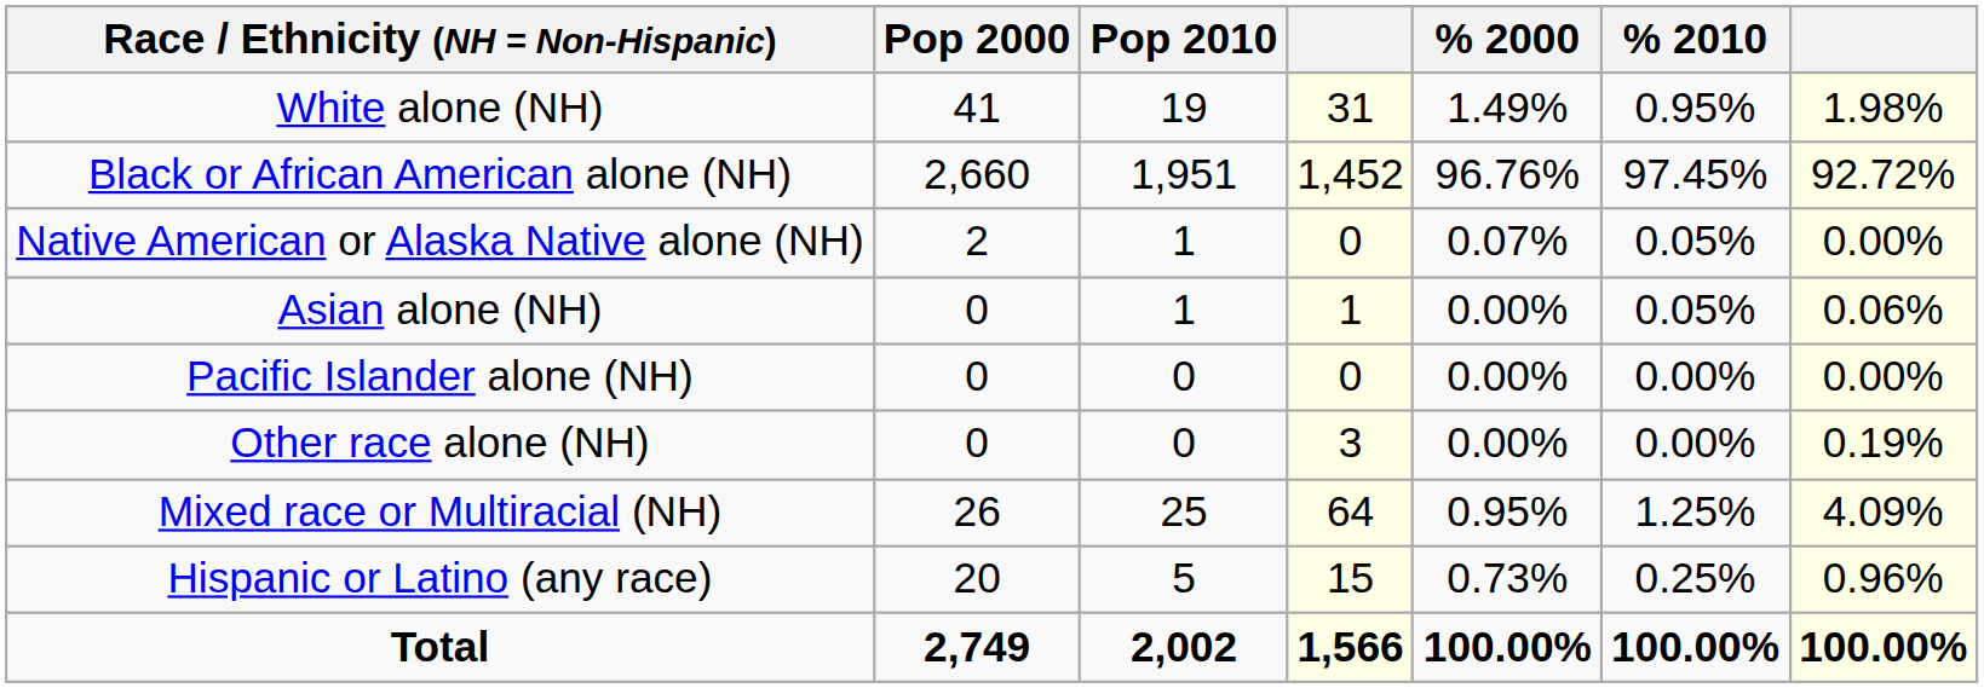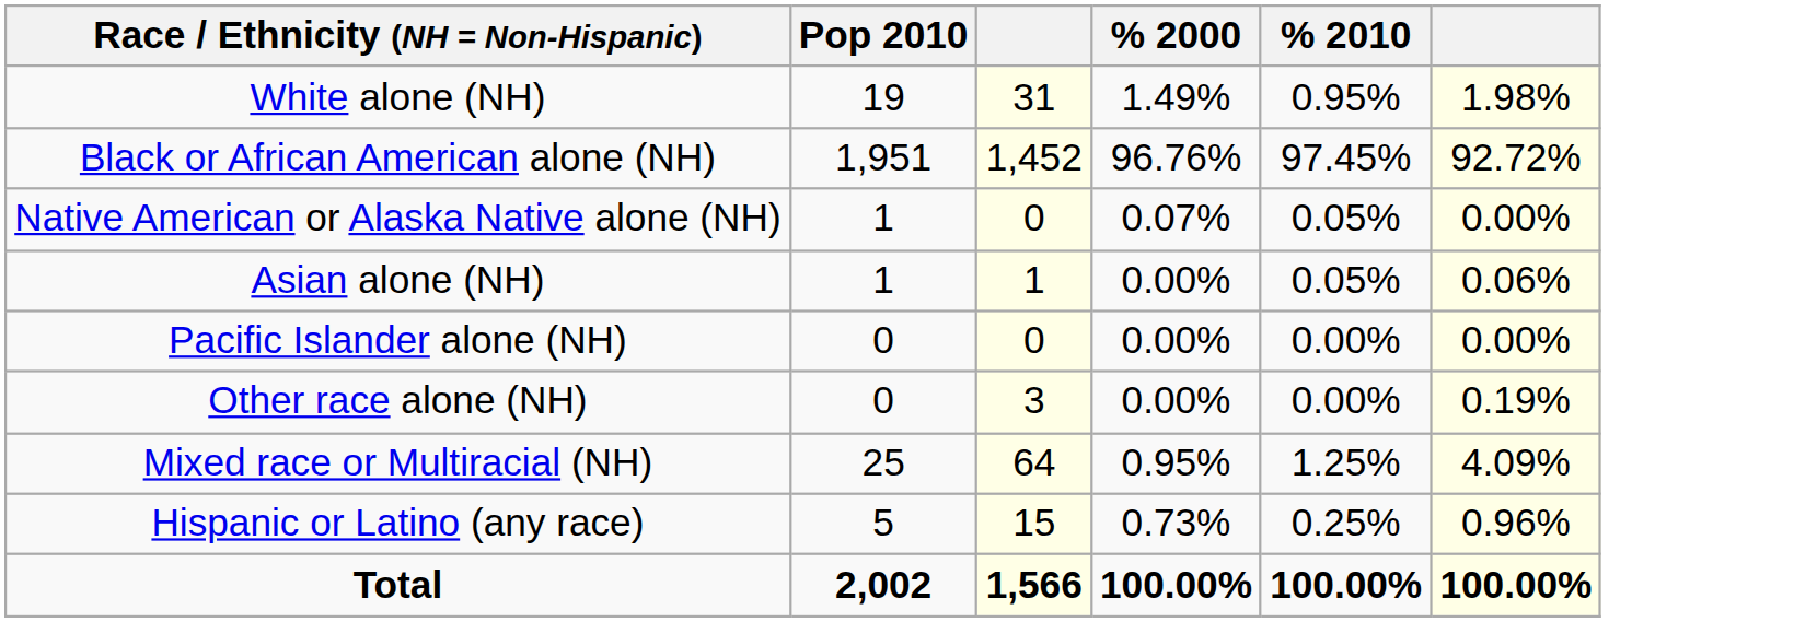 <table class="wikitable" style="text-align:center;">
 <tr>
 <th>Race / Ethnicity <small>(<em>NH = Non-Hispanic</em>)</small></th>
-<th>Pop 2000</th>
 <th>Pop 2010</th>
 <th></th>
 <th>% 2000</th>
 <th>% 2010</th>
 <th></th>
 </tr>
 <tr>
 <td><a href='#'>White</a> alone (NH)</td>
-<td>41</td>
 <td>19</td>
 <td style='background: #ffffe6;'>31</td>
 <td>1.49%</td>
 <td>0.95%</td>
 <td style='background: #ffffe6;'>1.98%</td>
 </tr>
 <tr>
 <td><a href='#'>Black or African American</a> alone (NH)</td>
-<td>2,660</td>
 <td>1,951</td>
 <td style='background: #ffffe6;'>1,452</td>
 <td>96.76%</td>
 <td>97.45%</td>
 <td style='background: #ffffe6;'>92.72%</td>
 </tr>
 <tr>
 <td><a href='#'>Native American</a> or <a href='#'>Alaska Native</a> alone (NH)</td>
-<td>2</td>
 <td>1</td>
 <td style='background: #ffffe6;'>0</td>
 <td>0.07%</td>
 <td>0.05%</td>
 <td style='background: #ffffe6;'>0.00%</td>
 </tr>
 <tr>
 <td><a href='#'>Asian</a> alone (NH)</td>
-<td>0</td>
 <td>1</td>
 <td style='background: #ffffe6;'>1</td>
 <td>0.00%</td>
 <td>0.05%</td>
 <td style='background: #ffffe6;'>0.06%</td>
 </tr>
 <tr>
 <td><a href='#'>Pacific Islander</a> alone (NH)</td>
 <td>0</td>
-<td>0</td>
 <td style='background: #ffffe6;'>0</td>
 <td>0.00%</td>
 <td>0.00%</td>
 <td style='background: #ffffe6;'>0.00%</td>
 </tr>
 <tr>
 <td><a href='#'>Other race</a> alone (NH)</td>
 <td>0</td>
-<td>0</td>
 <td style='background: #ffffe6;'>3</td>
 <td>0.00%</td>
 <td>0.00%</td>
 <td style='background: #ffffe6;'>0.19%</td>
 </tr>
 <tr>
 <td><a href='#'>Mixed race or Multiracial</a> (NH)</td>
-<td>26</td>
 <td>25</td>
 <td style='background: #ffffe6;'>64</td>
 <td>0.95%</td>
 <td>1.25%</td>
 <td style='background: #ffffe6;'>4.09%</td>
 </tr>
 <tr>
 <td><a href='#'>Hispanic or Latino</a> (any race)</td>
-<td>20</td>
 <td>5</td>
 <td style='background: #ffffe6;'>15</td>
 <td>0.73%</td>
 <td>0.25%</td>
 <td style='background: #ffffe6;'>0.96%</td>
 </tr>
 <tr>
 <td><strong>Total</strong></td>
-<td><strong>2,749</strong></td>
 <td><strong>2,002</strong></td>
 <td style='background: #ffffe6;'><strong>1,566</strong></td>
 <td><strong>100.00%</strong></td>
 <td><strong>100.00%</strong></td>
 <td style='background: #ffffe6;'><strong>100.00%</strong></td>
 </tr>
 </table>
